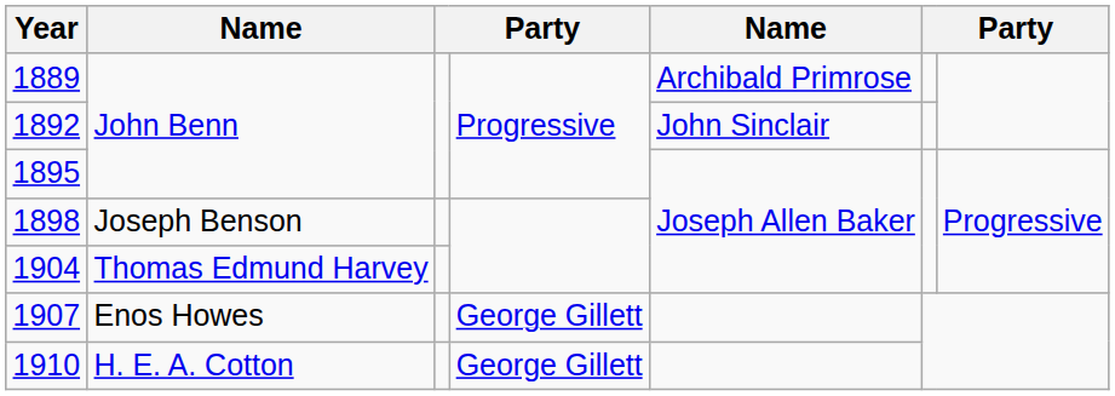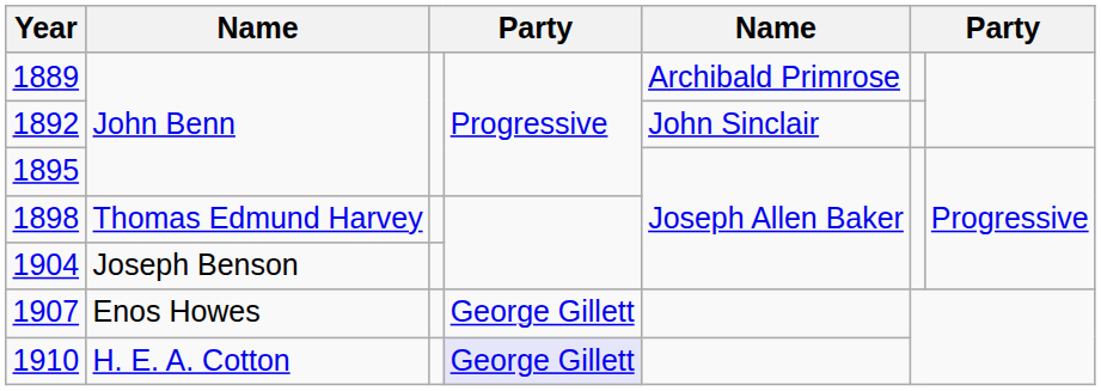 <table class="wikitable">
 <tr>
 <th>Year</th>
 <th>Name</th>
 <th colspan=2>Party</th>
 <th>Name</th>
 <th colspan=2>Party</th>
 </tr>
 <tr>
 <td><a href='#'>1889</a></td>
 <td rowspan=3><a href='#'>John Benn</a></td>
 <td rowspan=3 style="background-color: "></td>
 <td rowspan=3><a href='#'>Progressive</a></td>
 <td><a href='#'>Archibald Primrose</a></td>
 <td></td>
 </tr>
 <tr>
 <td><a href='#'>1892</a></td>
 <td><a href='#'>John Sinclair</a></td>
 <td></td>
 </tr>
 <tr>
 <td><a href='#'>1895</a></td>
 <td rowspan=3><a href='#'>Joseph Allen Baker</a></td>
 <td rowspan=3 style="background-color: "></td>
 <td rowspan=3><a href='#'>Progressive</a></td>
 </tr>
 <tr>
 <td><a href='#'>1898</a></td>
-<td>Joseph Benson</td>
+<td><a href='#'>Thomas Edmund Harvey</a></td>
 <td></td>
 </tr>
 <tr>
 <td><a href='#'>1904</a></td>
-<td><a href='#'>Thomas Edmund Harvey</a></td>
+<td>Joseph Benson</td>
 <td></td>
 </tr>
 <tr>
 <td><a href='#'>1907</a></td>
 <td>Enos Howes</td>
 <td></td>
 <td><a href='#'>George Gillett</a></td>
 <td></td>
 </tr>
 <tr>
 <td><a href='#'>1910</a></td>
 <td><a href='#'>H. E. A. Cotton</a></td>
 <td></td>
-<td><a href='#'>George Gillett</a></td>
+<td style="background: lavender;"><a href='#'>George Gillett</a></td>
 <td></td>
 </tr>
 </table>
